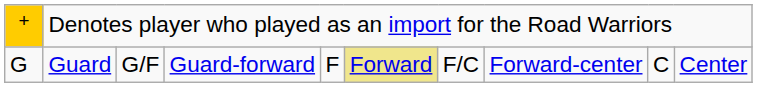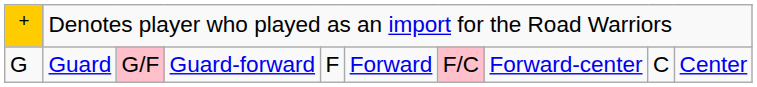 <table class="wikitable">
 <tr>
 <td align="center" bgcolor="#FFCC00" width="20"><sup>+</sup></td>
 <td colspan="9">Denotes player who played as an <a href='#'>import</a> for the Road Warriors</td>
 </tr>
 <tr>
 <td>G</td>
 <td><a href='#'>Guard</a></td>
-<td>G/F</td>
+<td style="background: pink;">G/F</td>
 <td><a href='#'>Guard-forward</a></td>
 <td>F</td>
-<td style="background: khaki;"><a href='#'>Forward</a></td>
-<td>F/C</td>
+<td><a href='#'>Forward</a></td>
+<td style="background: pink;">F/C</td>
 <td><a href='#'>Forward-center</a></td>
 <td>C</td>
 <td><a href='#'>Center</a></td>
 </tr>
 </table>
